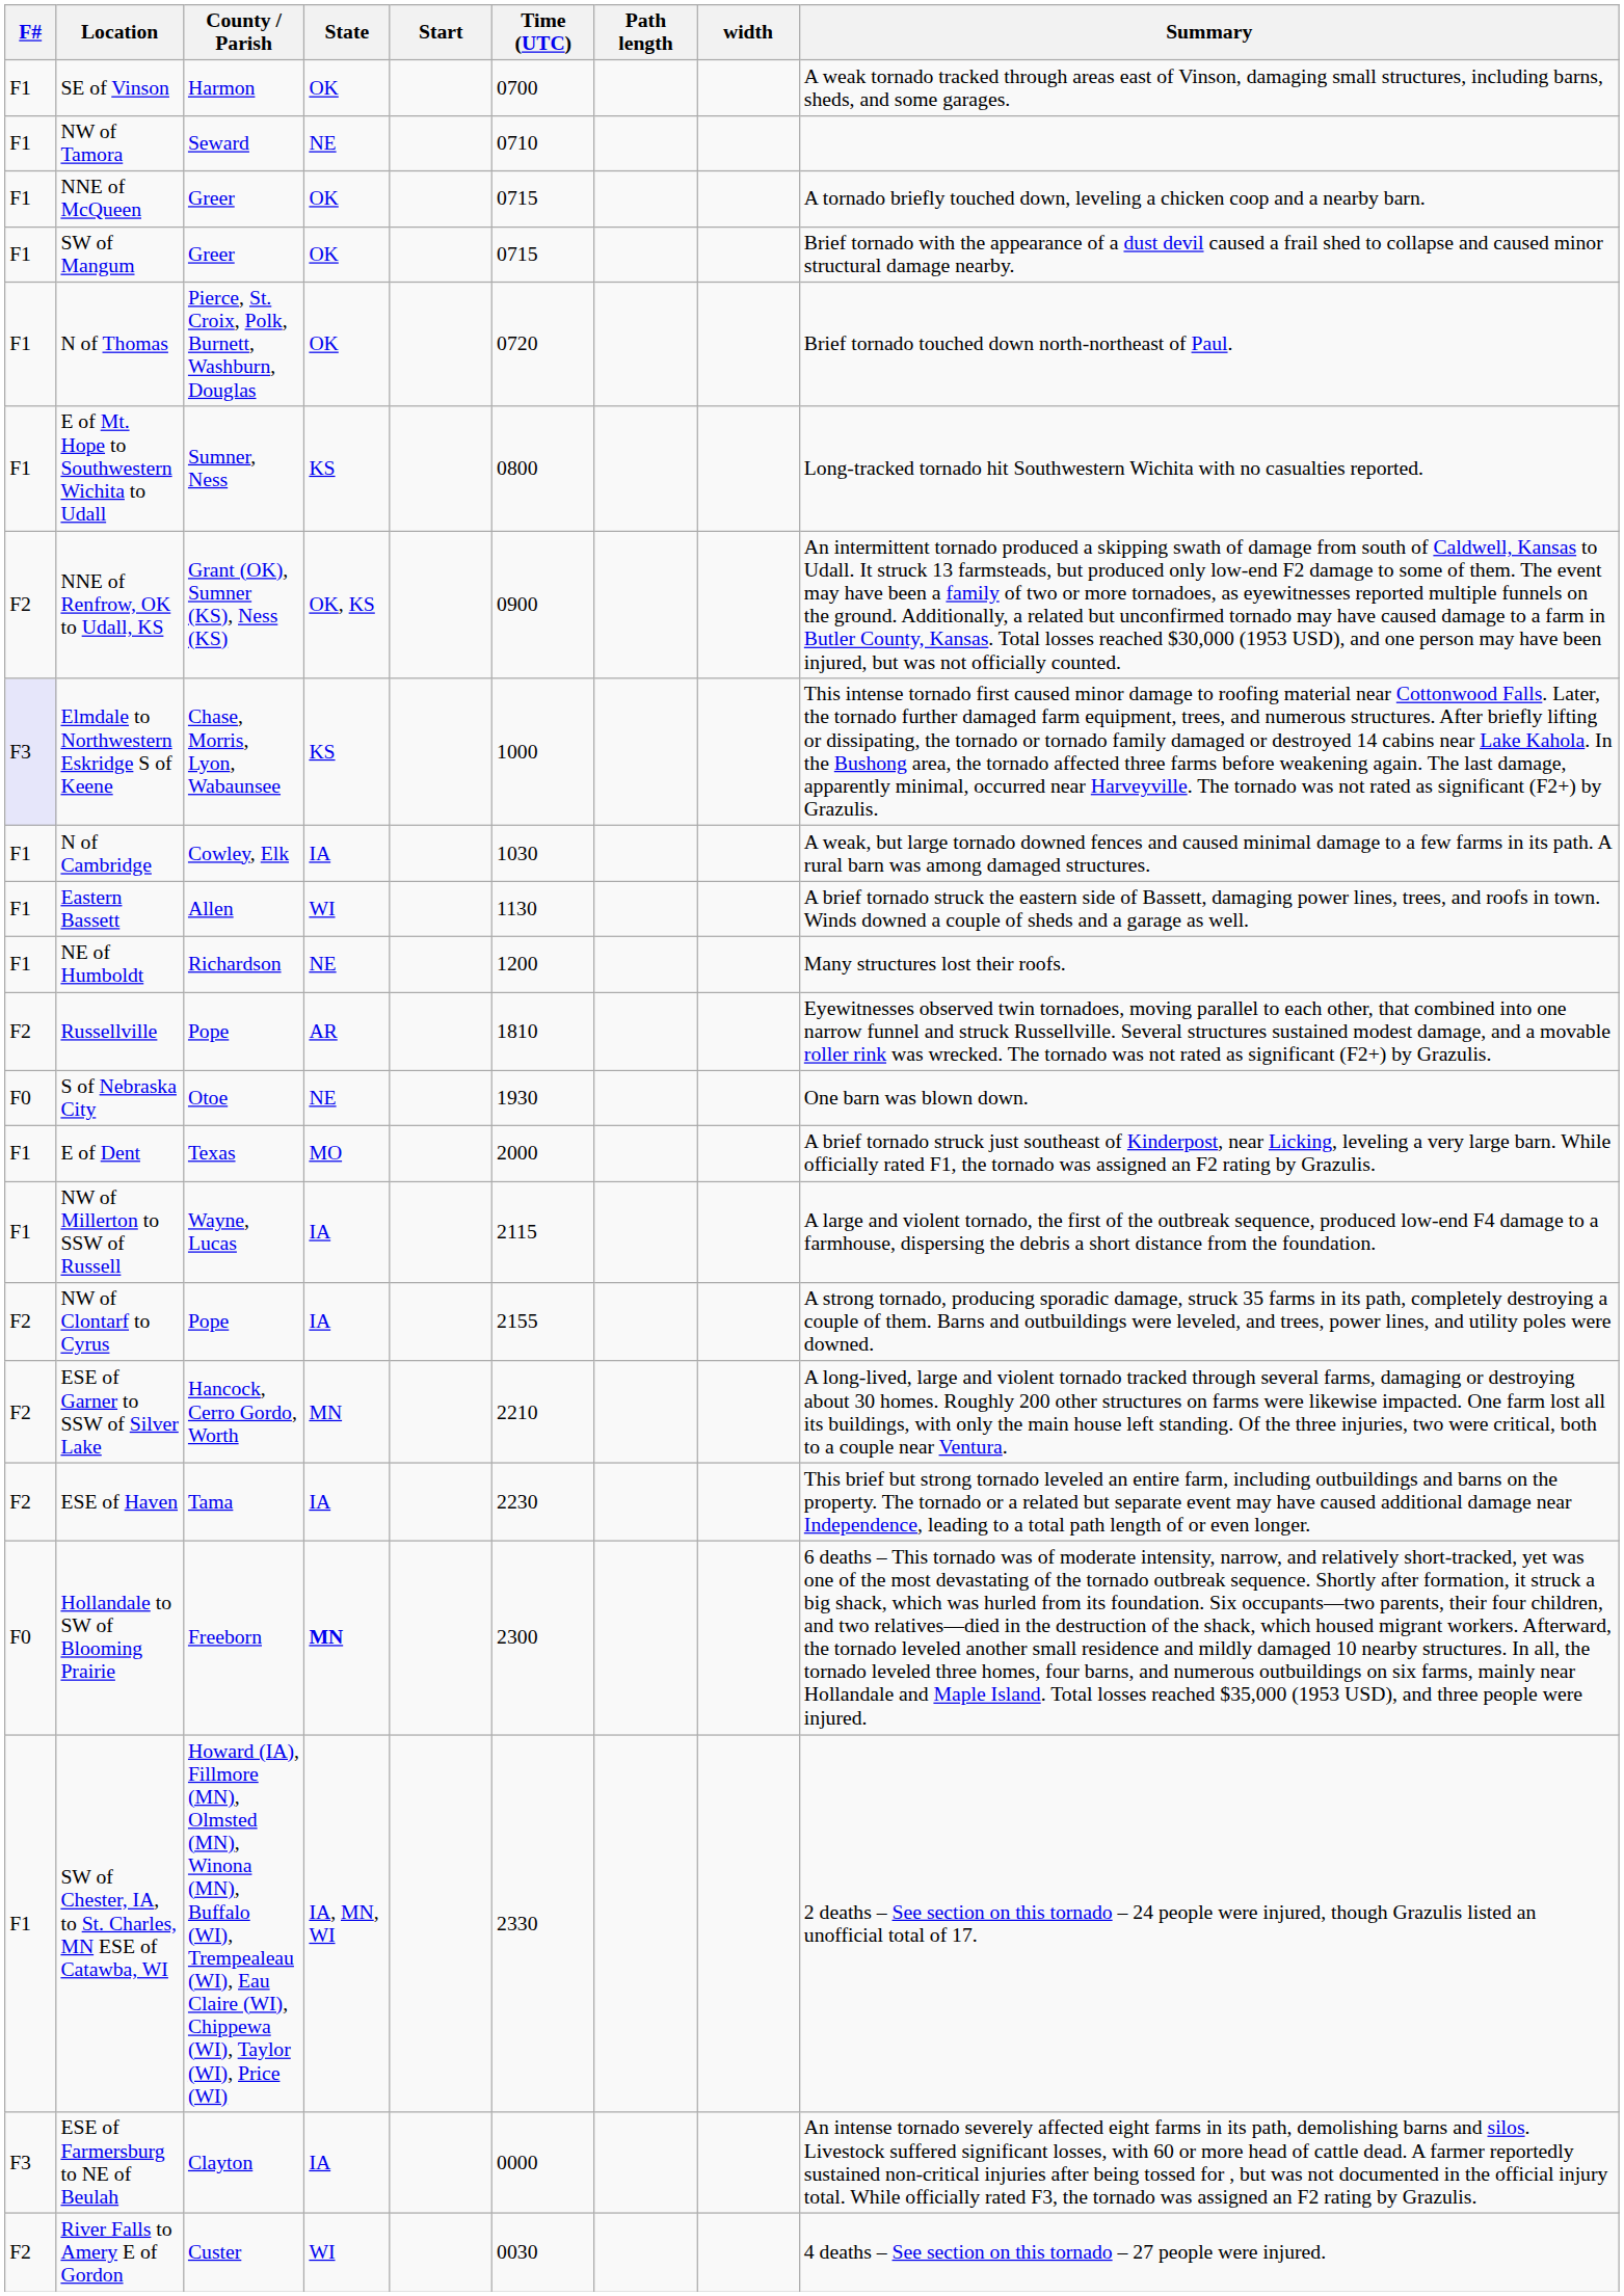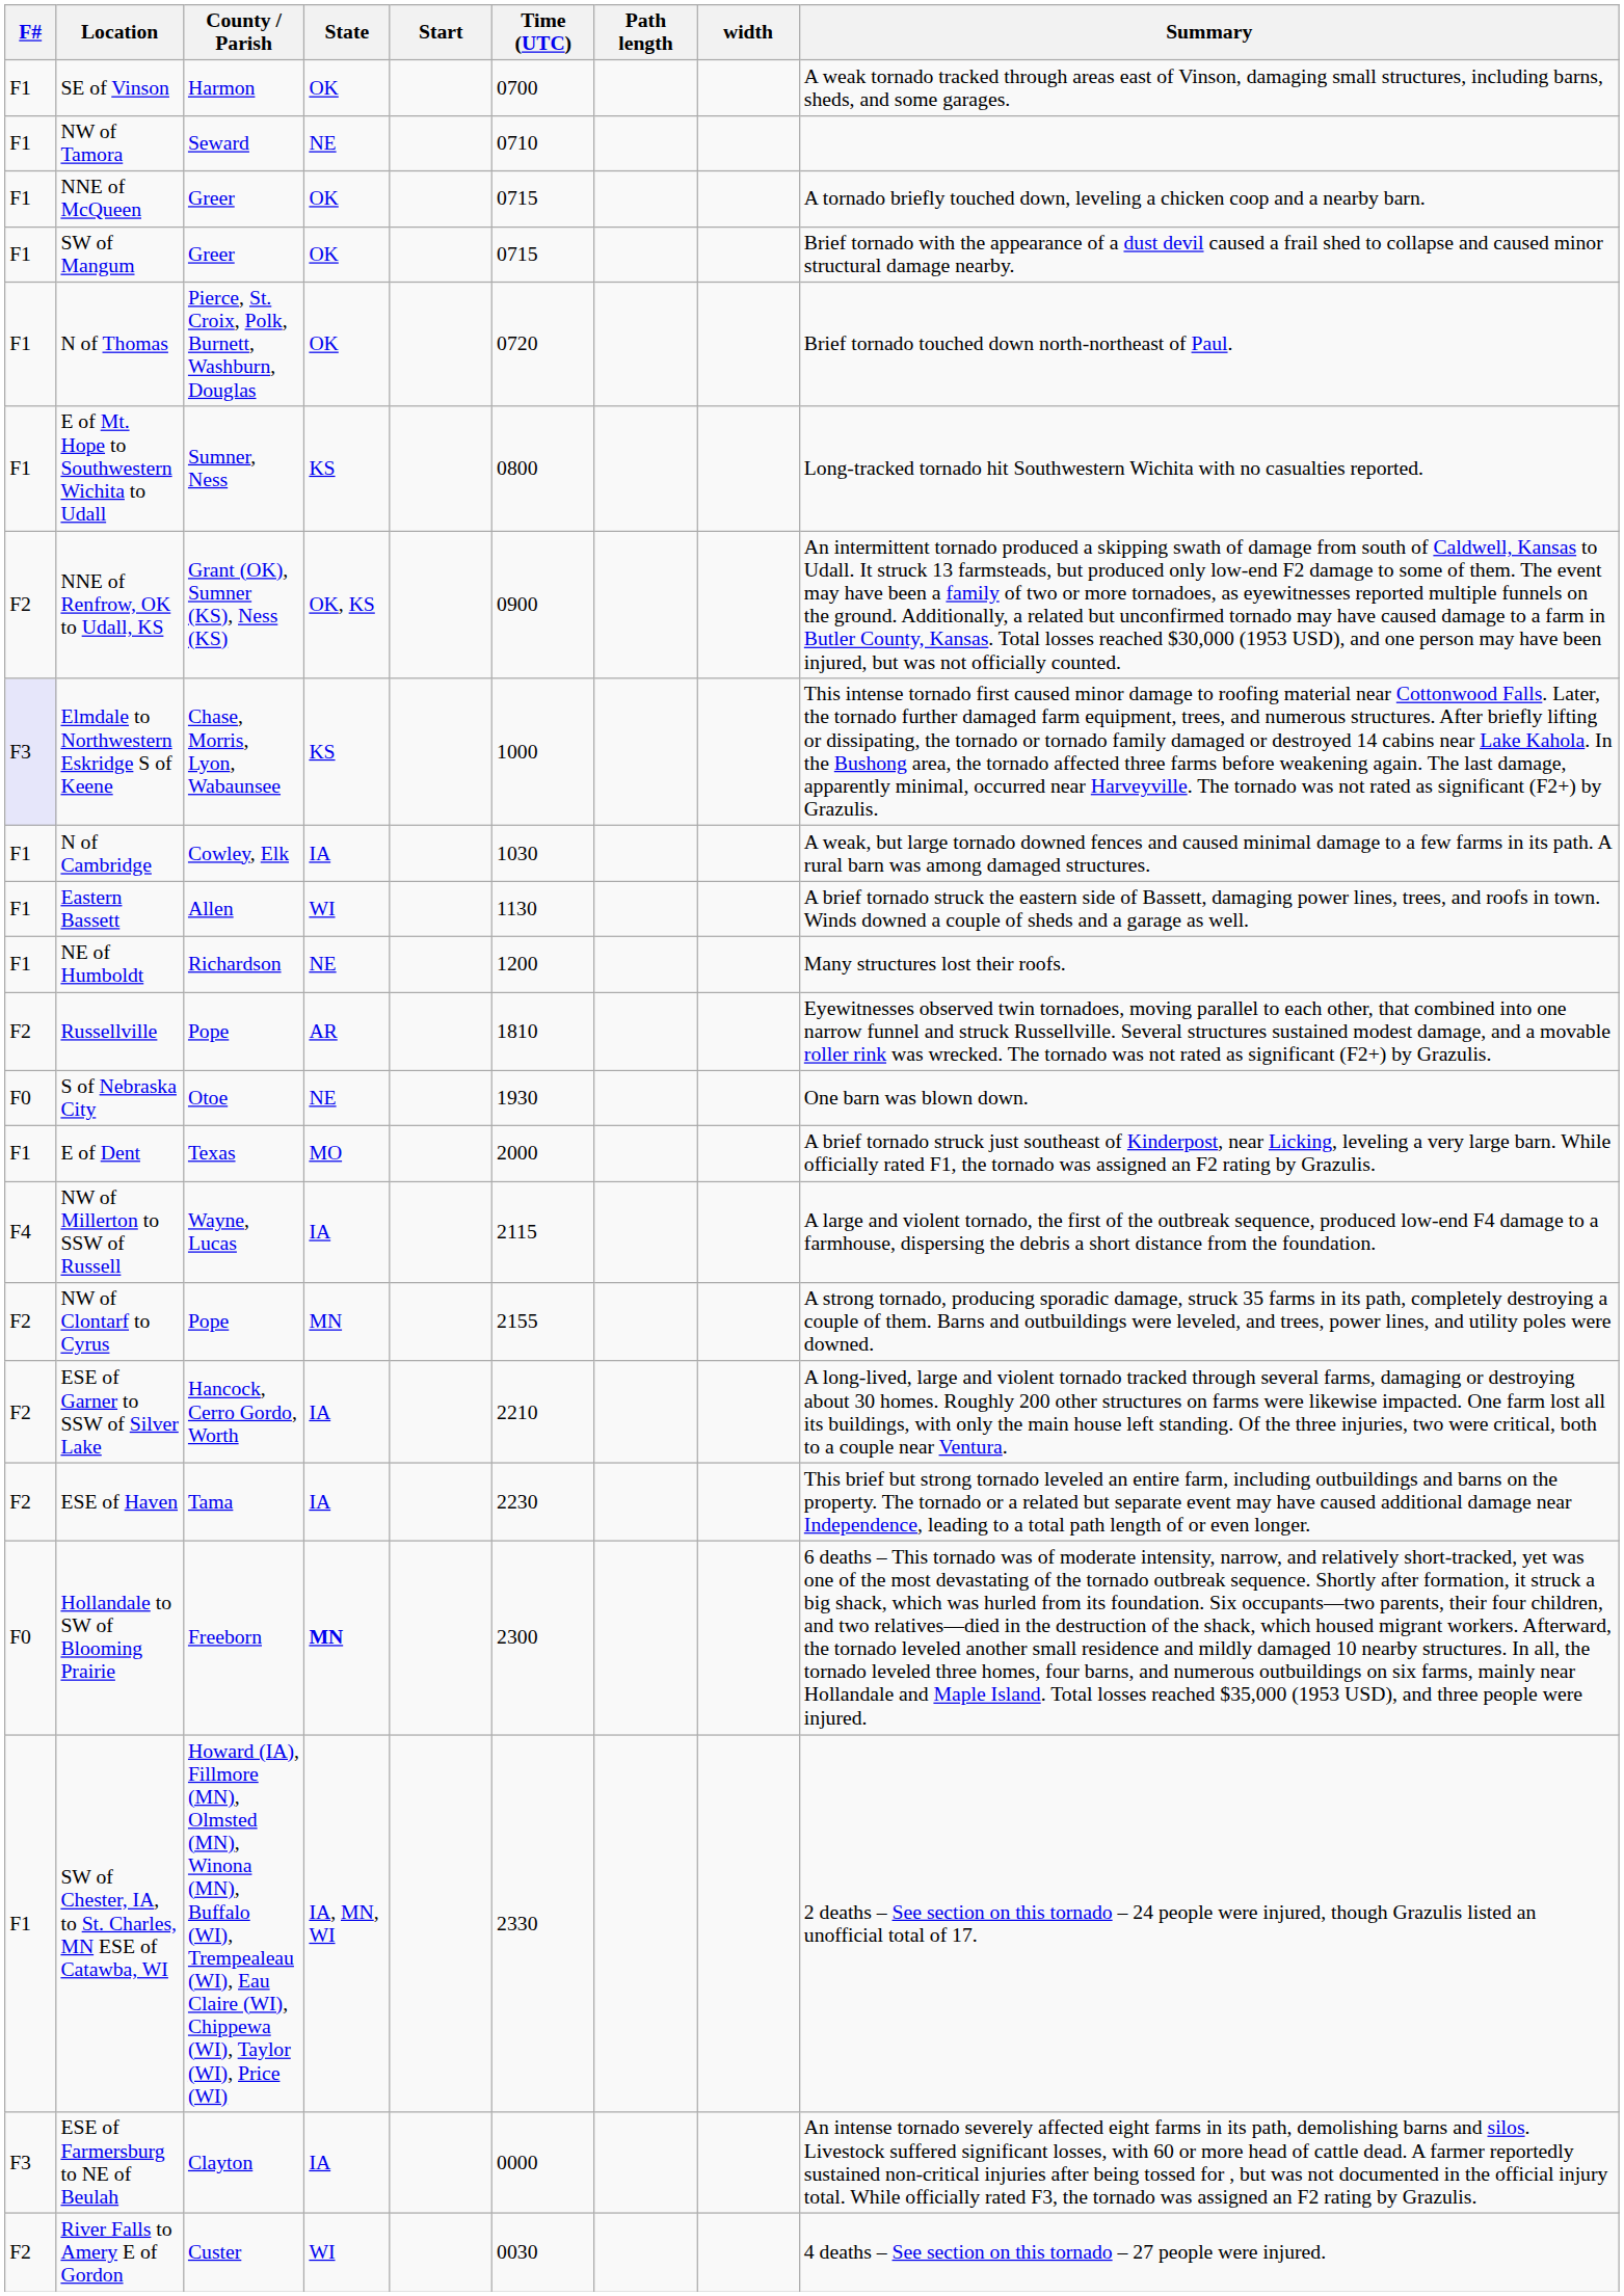 <table class="wikitable sortable" style="width:100%;">
 <tr>
 <th scope="col"  style="width:3%; text-align:center;"><a href='#'>F#</a></th>
 <th scope="col"  style="width:7%; text-align:center;" class="unsortable">Location</th>
 <th scope="col"  style="width:6%; text-align:center;" class="unsortable">County / Parish</th>
 <th scope="col"  style="width:5%; text-align:center;">State</th>
 <th scope="col"  style="width:6%; text-align:center;">Start </th>
 <th scope="col"  style="width:6%; text-align:center;">Time (<a href='#'>UTC</a>)</th>
 <th scope="col"  style="width:6%; text-align:center;">Path length</th>
 <th scope="col"  style="width:6%; text-align:center;"> width</th>
 <th scope="col" class="unsortable" style="width:48%; text-align:center;">Summary</th>
 </tr>
 <tr>
 <td>F1</td>
 <td>SE of <a href='#'>Vinson</a></td>
 <td><a href='#'>Harmon</a></td>
 <td><a href='#'>OK</a></td>
 <td></td>
 <td>0700</td>
 <td></td>
 <td></td>
 <td>A weak tornado tracked through areas east of Vinson, damaging small structures, including barns, sheds, and some garages.</td>
 </tr>
 <tr>
 <td>F1</td>
 <td>NW of <a href='#'>Tamora</a></td>
 <td><a href='#'>Seward</a></td>
 <td><a href='#'>NE</a></td>
 <td></td>
 <td>0710</td>
 <td></td>
 <td></td>
 <td></td>
 </tr>
 <tr>
 <td>F1</td>
 <td>NNE of <a href='#'>McQueen</a></td>
 <td><a href='#'>Greer</a></td>
 <td><a href='#'>OK</a></td>
 <td></td>
 <td>0715</td>
 <td></td>
 <td></td>
 <td>A tornado briefly touched down, leveling a chicken coop and a nearby barn.</td>
 </tr>
 <tr>
 <td>F1</td>
 <td>SW of <a href='#'>Mangum</a></td>
 <td><a href='#'>Greer</a></td>
 <td><a href='#'>OK</a></td>
 <td></td>
 <td>0715</td>
 <td></td>
 <td></td>
 <td>Brief tornado with the appearance of a <a href='#'>dust devil</a> caused a frail shed to collapse and caused minor structural damage nearby.</td>
 </tr>
 <tr>
 <td>F1</td>
 <td>N of <a href='#'>Thomas</a></td>
 <td><a href='#'>Pierce</a>, <a href='#'>St. Croix</a>, <a href='#'>Polk</a>, <a href='#'>Burnett</a>, <a href='#'>Washburn</a>, <a href='#'>Douglas</a></td>
 <td><a href='#'>OK</a></td>
 <td></td>
 <td>0720</td>
 <td></td>
 <td></td>
 <td>Brief tornado touched down north-northeast of <a href='#'>Paul</a>.</td>
 </tr>
 <tr>
 <td>F1</td>
 <td>E of <a href='#'>Mt. Hope</a> to <a href='#'>Southwestern Wichita</a> to <a href='#'>Udall</a></td>
 <td><a href='#'>Sumner</a>, <a href='#'>Ness</a></td>
 <td><a href='#'>KS</a></td>
 <td></td>
 <td>0800</td>
 <td></td>
 <td></td>
 <td>Long-tracked tornado hit Southwestern Wichita with no casualties reported.</td>
 </tr>
 <tr>
 <td>F2</td>
 <td>NNE of <a href='#'>Renfrow, OK</a> to <a href='#'>Udall, KS</a></td>
 <td><a href='#'>Grant (OK)</a>, <a href='#'>Sumner (KS)</a>, <a href='#'>Ness (KS)</a></td>
 <td><a href='#'>OK</a>, <a href='#'>KS</a></td>
 <td></td>
 <td>0900</td>
 <td></td>
 <td></td>
 <td>An intermittent tornado produced a skipping swath of damage from south of <a href='#'>Caldwell, Kansas</a> to Udall. It struck 13 farmsteads, but produced only low-end F2 damage to some of them. The event may have been a <a href='#'>family</a> of two or more tornadoes, as eyewitnesses reported multiple funnels on the ground. Additionally, a related but unconfirmed tornado may have caused damage to a farm in <a href='#'>Butler County, Kansas</a>. Total losses reached $30,000 (1953 USD), and one person may have been injured, but was not officially counted.</td>
 </tr>
 <tr>
 <td style="background: lavender;">F3</td>
 <td><a href='#'>Elmdale</a> to <a href='#'>Northwestern Eskridge</a> S of <a href='#'>Keene</a></td>
 <td><a href='#'>Chase</a>, <a href='#'>Morris</a>, <a href='#'>Lyon</a>, <a href='#'>Wabaunsee</a></td>
 <td><a href='#'>KS</a></td>
 <td></td>
 <td>1000</td>
 <td></td>
 <td></td>
 <td>This intense tornado first caused minor damage to roofing material near <a href='#'>Cottonwood Falls</a>. Later, the tornado further damaged farm equipment, trees, and numerous structures. After briefly lifting or dissipating, the tornado or tornado family damaged or destroyed 14 cabins near <a href='#'>Lake Kahola</a>. In the <a href='#'>Bushong</a> area, the tornado affected three farms before weakening again. The last damage, apparently minimal, occurred near <a href='#'>Harveyville</a>. The tornado was not rated as significant (F2+) by Grazulis.</td>
 </tr>
 <tr>
 <td>F1</td>
 <td>N of <a href='#'>Cambridge</a></td>
 <td><a href='#'>Cowley</a>, <a href='#'>Elk</a></td>
 <td><a href='#'>IA</a></td>
 <td></td>
 <td>1030</td>
 <td></td>
 <td></td>
 <td>A weak, but large tornado downed fences and caused minimal damage to a few farms in its path. A rural barn was among damaged structures.</td>
 </tr>
 <tr>
 <td>F1</td>
 <td><a href='#'>Eastern Bassett</a></td>
 <td><a href='#'>Allen</a></td>
 <td><a href='#'>WI</a></td>
 <td></td>
 <td>1130</td>
 <td></td>
 <td></td>
 <td>A brief tornado struck the eastern side of Bassett, damaging power lines, trees, and roofs in town. Winds downed a couple of sheds and a garage as well.</td>
 </tr>
 <tr>
 <td>F1</td>
 <td>NE of <a href='#'>Humboldt</a></td>
 <td><a href='#'>Richardson</a></td>
 <td><a href='#'>NE</a></td>
 <td></td>
 <td>1200</td>
 <td></td>
 <td></td>
 <td>Many structures lost their roofs.</td>
 </tr>
 <tr>
 <td>F2</td>
 <td><a href='#'>Russellville</a></td>
 <td><a href='#'>Pope</a></td>
 <td><a href='#'>AR</a></td>
 <td></td>
 <td>1810</td>
 <td></td>
 <td></td>
 <td>Eyewitnesses observed twin tornadoes, moving parallel to each other, that combined into one narrow funnel and struck Russellville. Several structures sustained modest damage, and a movable <a href='#'>roller rink</a> was wrecked. The tornado was not rated as significant (F2+) by Grazulis.</td>
 </tr>
 <tr>
 <td>F0</td>
 <td>S of <a href='#'>Nebraska City</a></td>
 <td><a href='#'>Otoe</a></td>
 <td><a href='#'>NE</a></td>
 <td></td>
 <td>1930</td>
 <td></td>
 <td></td>
 <td>One barn was blown down.</td>
 </tr>
 <tr>
 <td>F1</td>
 <td>E of <a href='#'>Dent</a></td>
 <td><a href='#'>Texas</a></td>
 <td><a href='#'>MO</a></td>
 <td></td>
 <td>2000</td>
 <td></td>
 <td></td>
 <td>A brief tornado struck just southeast of <a href='#'>Kinderpost</a>, near <a href='#'>Licking</a>, leveling a very large barn. While officially rated F1, the tornado was assigned an F2 rating by Grazulis.</td>
 </tr>
 <tr>
-<td>F1</td>
+<td>F4</td>
 <td>NW of <a href='#'>Millerton</a> to SSW of <a href='#'>Russell</a></td>
 <td><a href='#'>Wayne</a>, <a href='#'>Lucas</a></td>
 <td><a href='#'>IA</a></td>
 <td></td>
 <td>2115</td>
 <td></td>
 <td></td>
 <td>A large and violent tornado, the first of the outbreak sequence, produced low-end F4 damage to a farmhouse, dispersing the debris a short distance from the foundation.</td>
 </tr>
 <tr>
 <td>F2</td>
 <td>NW of <a href='#'>Clontarf</a> to <a href='#'>Cyrus</a></td>
 <td><a href='#'>Pope</a></td>
-<td><a href='#'>IA</a></td>
+<td><a href='#'>MN</a></td>
 <td></td>
 <td>2155</td>
 <td></td>
 <td></td>
 <td>A strong tornado, producing sporadic damage, struck 35 farms in its path, completely destroying a couple of them. Barns and outbuildings were leveled, and trees, power lines, and utility poles were downed.</td>
 </tr>
 <tr>
 <td>F2</td>
 <td>ESE of <a href='#'>Garner</a> to SSW of <a href='#'>Silver Lake</a></td>
 <td><a href='#'>Hancock</a>, <a href='#'>Cerro Gordo</a>, <a href='#'>Worth</a></td>
-<td><a href='#'>MN</a></td>
+<td><a href='#'>IA</a></td>
 <td></td>
 <td>2210</td>
 <td></td>
 <td></td>
 <td>A long-lived, large and violent tornado tracked through several farms, damaging or destroying about 30 homes. Roughly 200 other structures on farms were likewise impacted. One farm lost all its buildings, with only the main house left standing. Of the three injuries, two were critical, both to a couple near <a href='#'>Ventura</a>.</td>
 </tr>
 <tr>
 <td>F2</td>
 <td>ESE of <a href='#'>Haven</a></td>
 <td><a href='#'>Tama</a></td>
 <td><a href='#'>IA</a></td>
 <td></td>
 <td>2230</td>
 <td></td>
 <td></td>
 <td>This brief but strong tornado leveled an entire farm, including outbuildings and barns on the property. The tornado or a related but separate event may have caused additional damage near <a href='#'>Independence</a>, leading to a total path length of  or even longer.</td>
 </tr>
 <tr>
 <td>F0</td>
 <td><a href='#'>Hollandale</a> to SW of <a href='#'>Blooming Prairie</a></td>
 <td><a href='#'>Freeborn</a></td>
 <td><strong><a href='#'>MN</a></strong></td>
 <td></td>
 <td>2300</td>
 <td></td>
 <td></td>
 <td>6 deaths – This tornado was of moderate intensity, narrow, and relatively short-tracked, yet was one of the most devastating of the tornado outbreak sequence. Shortly after formation, it struck a big shack, which was hurled from its foundation. Six occupants—two parents, their four children, and two relatives—died in the destruction of the shack, which housed migrant workers. Afterward, the tornado leveled another small residence and mildly damaged 10 nearby structures. In all, the tornado leveled three homes, four barns, and numerous outbuildings on six farms, mainly near Hollandale and <a href='#'>Maple Island</a>. Total losses reached $35,000 (1953 USD), and three people were injured.</td>
 </tr>
 <tr>
 <td>F1</td>
 <td>SW of <a href='#'>Chester, IA</a>, to <a href='#'>St. Charles, MN</a> ESE of <a href='#'>Catawba, WI</a></td>
 <td><a href='#'>Howard (IA)</a>, <a href='#'>Fillmore (MN)</a>, <a href='#'>Olmsted (MN)</a>, <a href='#'>Winona (MN)</a>, <a href='#'>Buffalo (WI)</a>, <a href='#'>Trempealeau (WI)</a>, <a href='#'>Eau Claire (WI)</a>, <a href='#'>Chippewa (WI)</a>, <a href='#'>Taylor (WI)</a>, <a href='#'>Price (WI)</a></td>
 <td><a href='#'>IA</a>, <a href='#'>MN</a>, <a href='#'>WI</a></td>
 <td></td>
 <td>2330</td>
 <td></td>
 <td></td>
 <td>2 deaths – <a href='#'>See section on this tornado</a> – 24 people were injured, though Grazulis listed an unofficial total of 17.</td>
 </tr>
 <tr>
 <td>F3</td>
 <td>ESE of <a href='#'>Farmersburg</a> to NE of <a href='#'>Beulah</a></td>
 <td><a href='#'>Clayton</a></td>
 <td><a href='#'>IA</a></td>
 <td></td>
 <td>0000</td>
 <td></td>
 <td></td>
 <td>An intense tornado severely affected eight farms in its path, demolishing barns and <a href='#'>silos</a>. Livestock suffered significant losses, with 60 or more head of cattle dead. A farmer reportedly sustained non-critical injuries after being tossed for , but was not documented in the official injury total. While officially rated F3, the tornado was assigned an F2 rating by Grazulis.</td>
 </tr>
 <tr>
 <td>F2</td>
 <td><a href='#'>River Falls</a> to <a href='#'>Amery</a> E of <a href='#'>Gordon</a></td>
 <td><a href='#'>Custer</a></td>
 <td><a href='#'>WI</a></td>
 <td></td>
 <td>0030</td>
 <td></td>
 <td></td>
 <td>4 deaths – <a href='#'>See section on this tornado</a> – 27 people were injured.</td>
 </tr>
 </table>
